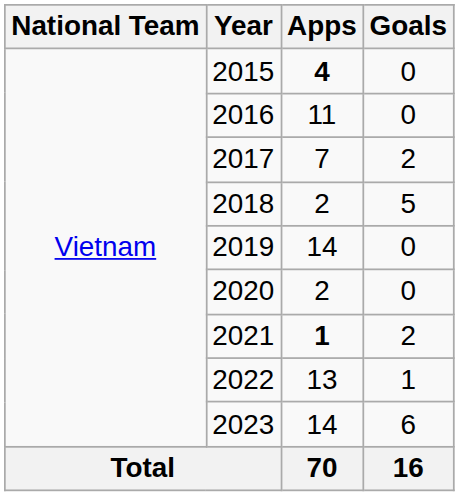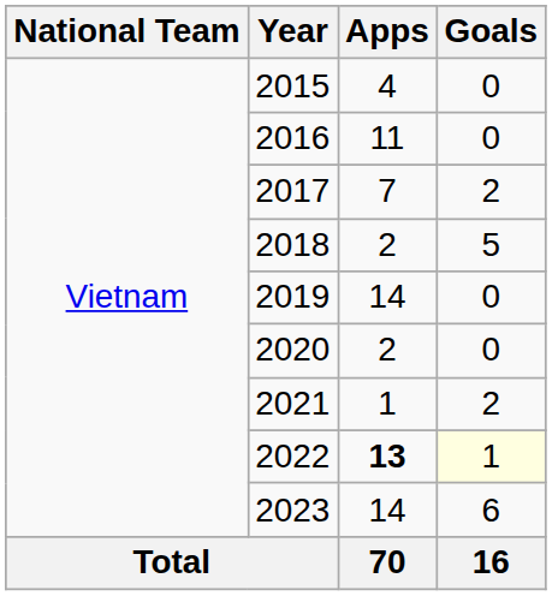 <table class="wikitable" style="text-align:center">
 <tr>
 <th>National Team</th>
 <th>Year</th>
 <th>Apps</th>
 <th>Goals</th>
 </tr>
 <tr>
 <td rowspan="9"><a href='#'>Vietnam</a></td>
 <td>2015</td>
-<td><strong>4</strong></td>
+<td>4</td>
 <td>0</td>
 </tr>
 <tr>
 <td>2016</td>
 <td>11</td>
 <td>0</td>
 </tr>
 <tr>
 <td>2017</td>
 <td>7</td>
 <td>2</td>
 </tr>
 <tr>
 <td>2018</td>
 <td>2</td>
 <td>5</td>
 </tr>
 <tr>
 <td>2019</td>
 <td>14</td>
 <td>0</td>
 </tr>
 <tr>
 <td>2020</td>
 <td>2</td>
 <td>0</td>
 </tr>
 <tr>
 <td>2021</td>
-<td><strong>1</strong></td>
+<td>1</td>
 <td>2</td>
 </tr>
 <tr>
 <td>2022</td>
-<td>13</td>
-<td>1</td>
+<td><strong>13</strong></td>
+<td style="background: lightyellow;">1</td>
 </tr>
 <tr>
 <td>2023</td>
 <td>14</td>
 <td>6</td>
 </tr>
 <tr>
 <th colspan=2>Total</th>
 <th>70</th>
 <th>16</th>
 </tr>
 </table>
